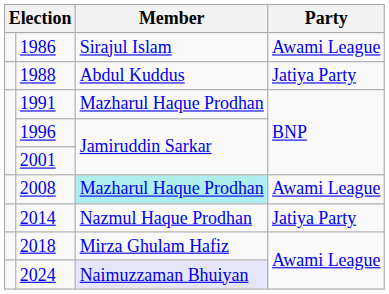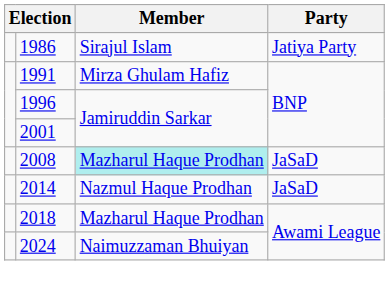 <table class="wikitable">
 <tr>
 <th colspan="2">Election</th>
 <th>Member</th>
 <th>Party</th>
 </tr>
 <tr>
 <td style="background-color:"></td>
 <td><a href='#'>1986</a></td>
 <td><a href='#'>Sirajul Islam</a></td>
-<td><a href='#'>Awami League</a></td>
-</tr>
-<tr>
-<td style="background-color:"></td>
-<td><a href='#'>1988</a></td>
-<td><a href='#'>Abdul Kuddus</a></td>
 <td><a href='#'>Jatiya Party</a></td>
 </tr>
 <tr>
 <td rowspan="3" style="background-color:"></td>
 <td><a href='#'>1991</a></td>
-<td><a href='#'>Mazharul Haque Prodhan</a></td>
+<td><a href='#'>Mirza Ghulam Hafiz</a></td>
 <td rowspan="3"><a href='#'>BNP</a></td>
 </tr>
 <tr>
 <td><a href='#'>1996</a></td>
 <td rowspan="2"><a href='#'>Jamiruddin Sarkar</a></td>
 </tr>
 <tr>
 <td><a href='#'>2001</a></td>
 </tr>
 <tr>
 <td style="background-color:"></td>
 <td><a href='#'>2008</a></td>
 <td style="background: paleturquoise;"><a href='#'>Mazharul Haque Prodhan</a></td>
-<td><a href='#'>Awami League</a></td>
+<td><a href='#'>JaSaD</a></td>
 </tr>
 <tr>
 <td style="background-color:"></td>
 <td><a href='#'>2014</a></td>
 <td><a href='#'>Nazmul Haque Prodhan</a></td>
-<td><a href='#'>Jatiya Party</a></td>
+<td><a href='#'>JaSaD</a></td>
 </tr>
 <tr>
 <td style="background-color:"></td>
 <td><a href='#'>2018</a></td>
-<td><a href='#'>Mirza Ghulam Hafiz</a></td>
+<td><a href='#'>Mazharul Haque Prodhan</a></td>
 <td rowspan="2"><a href='#'>Awami League</a></td>
 </tr>
 <tr>
 <td style="background-color:"></td>
 <td><a href='#'>2024</a></td>
-<td style="background: lavender;"><a href='#'>Naimuzzaman Bhuiyan</a></td>
+<td><a href='#'>Naimuzzaman Bhuiyan</a></td>
 </tr>
 </table>
